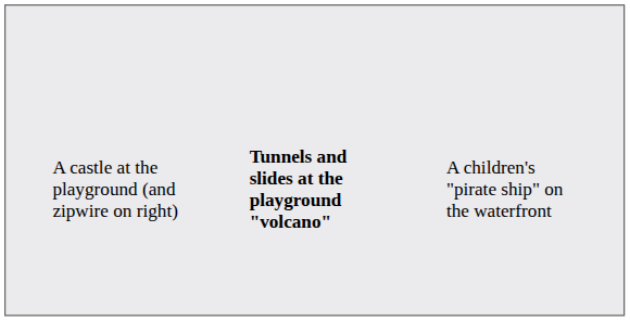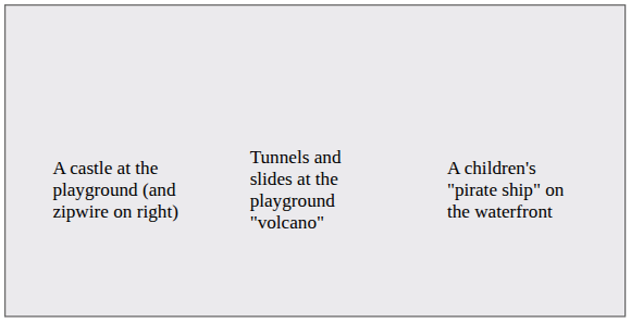 <table style="background:#EBEAED; border:1px solid dimgray; font-size: 86%;color:black" border="0" height="230" align="center" vertical-align="bottom" cellpadding=10px cellspacing=0px>
 <tr align="center">
 <td></td>
 <td></td>
 <td></td>
 <td></td>
 <td></td>
 <td></td>
 <td></td>
 </tr>
 <tr align="left" vertical-align="top">
 <td width="5"></td>
 <td width="100">A castle at the playground (and zipwire on right)</td>
 <td width="5"></td>
-<td width="100"><strong>Tunnels and slides at the playground "volcano"</strong></td>
+<td width="100">Tunnels and slides at the playground "volcano"</td>
 <td width="5"></td>
 <td width="100">A children's "pirate ship" on the waterfront</td>
 </tr>
 </table>
